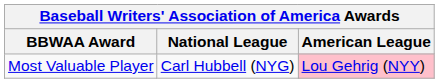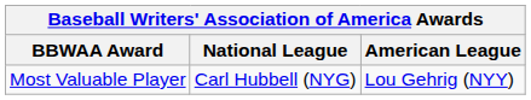 <table class="wikitable">
 <tr>
 <th colspan="3"><a href='#'>Baseball Writers' Association of America</a> Awards</th>
 </tr>
 <tr>
 <th>BBWAA Award</th>
 <th>National League</th>
 <th>American League</th>
 </tr>
 <tr>
 <td><a href='#'>Most Valuable Player</a></td>
 <td><a href='#'>Carl Hubbell</a> (<a href='#'>NYG</a>)</td>
-<td style="background: pink;"><a href='#'>Lou Gehrig</a> (<a href='#'>NYY</a>)</td>
+<td><a href='#'>Lou Gehrig</a> (<a href='#'>NYY</a>)</td>
 </tr>
 </table>
